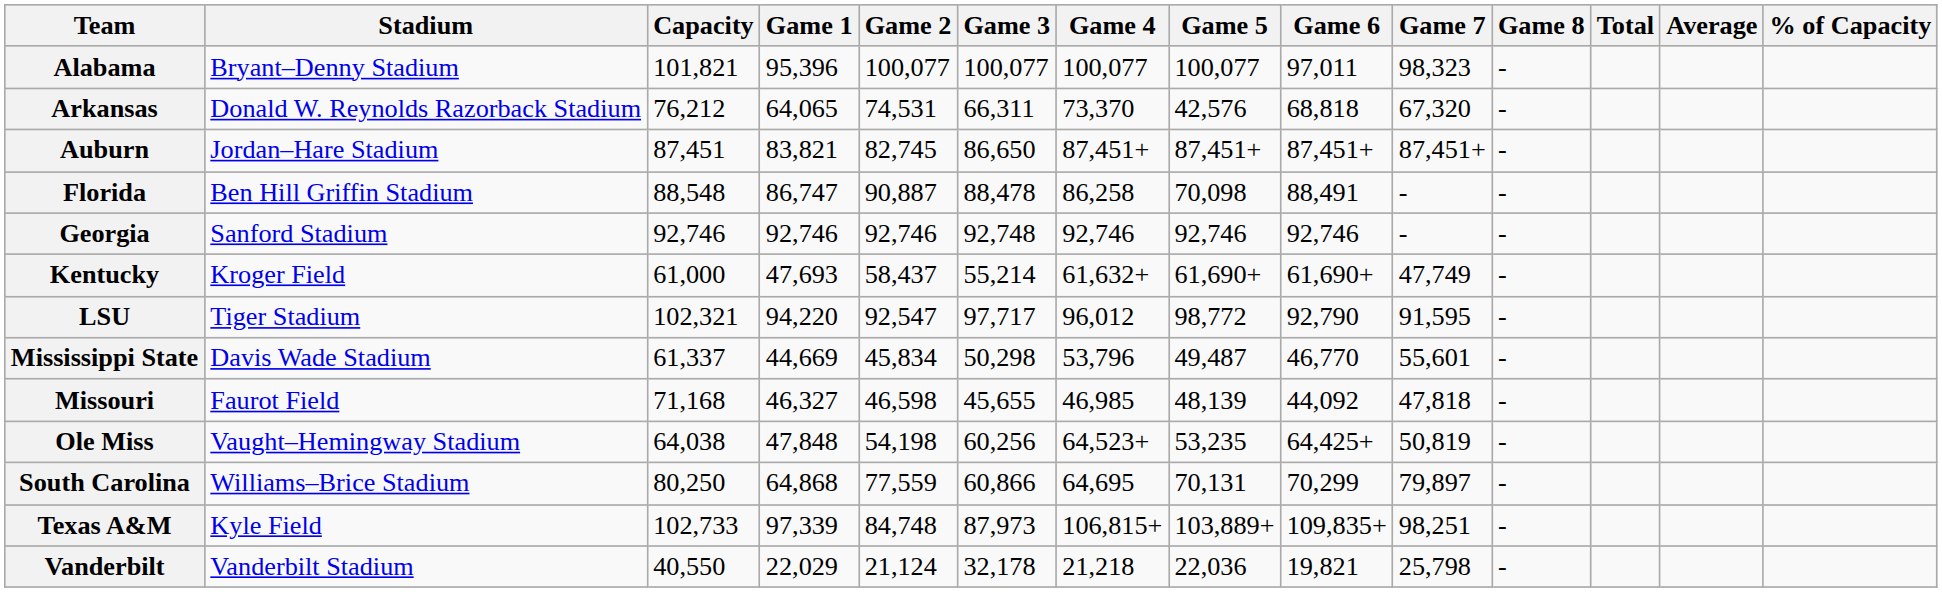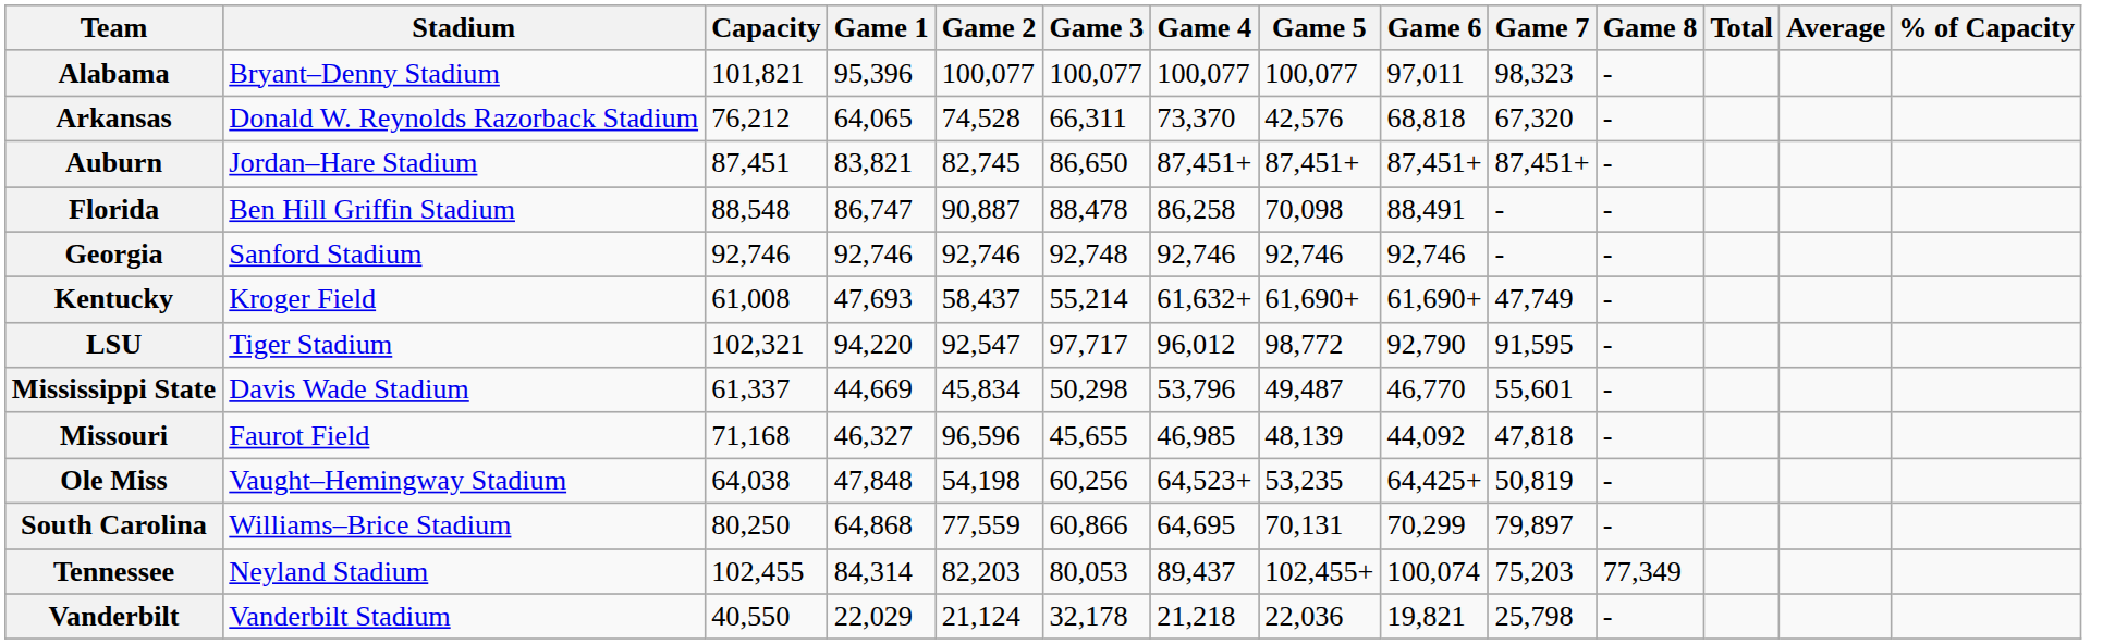 <table class="wikitable sortable">
 <tr>
 <th>Team</th>
 <th>Stadium</th>
 <th>Capacity</th>
 <th>Game 1</th>
 <th>Game 2</th>
 <th>Game 3</th>
 <th>Game 4</th>
 <th>Game 5</th>
 <th>Game 6</th>
 <th>Game 7</th>
 <th>Game 8</th>
 <th>Total</th>
 <th>Average</th>
 <th>% of Capacity</th>
 </tr>
 <tr>
 <th>Alabama</th>
 <td><a href='#'>Bryant–Denny Stadium</a></td>
 <td>101,821</td>
 <td>95,396</td>
 <td>100,077</td>
 <td>100,077</td>
 <td>100,077</td>
 <td>100,077</td>
 <td>97,011</td>
 <td>98,323</td>
 <td>-</td>
 <td></td>
 <td></td>
 <td></td>
 </tr>
 <tr>
 <th>Arkansas</th>
 <td><a href='#'>Donald W. Reynolds Razorback Stadium</a></td>
 <td>76,212</td>
 <td>64,065</td>
-<td>74,531</td>
+<td>74,528</td>
 <td>66,311</td>
 <td>73,370</td>
 <td>42,576 </td>
 <td>68,818</td>
 <td>67,320</td>
 <td>-</td>
 <td></td>
 <td></td>
 <td></td>
 </tr>
 <tr>
 <th>Auburn</th>
 <td><a href='#'>Jordan–Hare Stadium</a></td>
 <td>87,451</td>
 <td>83,821</td>
 <td>82,745</td>
 <td>86,650</td>
 <td>87,451+</td>
 <td>87,451+</td>
 <td>87,451+</td>
 <td>87,451+</td>
 <td>-</td>
 <td></td>
 <td></td>
 <td></td>
 </tr>
 <tr>
 <th>Florida</th>
 <td><a href='#'>Ben Hill Griffin Stadium</a></td>
 <td>88,548</td>
 <td>86,747</td>
 <td>90,887</td>
 <td>88,478</td>
 <td>86,258</td>
 <td>70,098</td>
 <td>88,491</td>
 <td>-</td>
 <td>-</td>
 <td></td>
 <td></td>
 <td></td>
 </tr>
 <tr>
 <th>Georgia</th>
 <td><a href='#'>Sanford Stadium</a></td>
 <td>92,746</td>
 <td>92,746</td>
 <td>92,746</td>
 <td>92,748</td>
 <td>92,746</td>
 <td>92,746</td>
 <td>92,746</td>
 <td>-</td>
 <td>-</td>
 <td></td>
 <td></td>
 <td></td>
 </tr>
 <tr>
 <th>Kentucky</th>
 <td><a href='#'>Kroger Field</a></td>
-<td>61,000</td>
+<td>61,008</td>
 <td>47,693</td>
 <td>58,437</td>
 <td>55,214</td>
 <td>61,632+</td>
 <td>61,690+</td>
 <td>61,690+</td>
 <td>47,749</td>
 <td>-</td>
 <td></td>
 <td></td>
 <td></td>
 </tr>
 <tr>
 <th>LSU</th>
 <td><a href='#'>Tiger Stadium</a></td>
 <td>102,321</td>
 <td>94,220</td>
 <td>92,547</td>
 <td>97,717</td>
 <td>96,012</td>
 <td>98,772</td>
 <td>92,790</td>
 <td>91,595</td>
 <td>-</td>
 <td></td>
 <td></td>
 <td></td>
 </tr>
 <tr>
 <th>Mississippi State</th>
 <td><a href='#'>Davis Wade Stadium</a></td>
 <td>61,337</td>
 <td>44,669</td>
 <td>45,834</td>
 <td>50,298</td>
 <td>53,796</td>
 <td>49,487</td>
 <td>46,770</td>
 <td>55,601</td>
 <td>-</td>
 <td></td>
 <td></td>
 <td></td>
 </tr>
 <tr>
 <th>Missouri</th>
 <td><a href='#'>Faurot Field</a></td>
 <td>71,168</td>
 <td>46,327</td>
-<td>46,598</td>
+<td>96,596</td>
 <td>45,655</td>
 <td>46,985</td>
 <td>48,139</td>
 <td>44,092</td>
 <td>47,818</td>
 <td>-</td>
 <td></td>
 <td></td>
 <td></td>
 </tr>
 <tr>
 <th>Ole Miss</th>
 <td><a href='#'>Vaught–Hemingway Stadium</a></td>
 <td>64,038</td>
 <td>47,848</td>
 <td>54,198</td>
 <td>60,256</td>
 <td>64,523+</td>
 <td>53,235</td>
 <td>64,425+</td>
 <td>50,819</td>
 <td>-</td>
 <td></td>
 <td></td>
 <td></td>
 </tr>
 <tr>
 <th>South Carolina</th>
 <td><a href='#'>Williams–Brice Stadium</a></td>
 <td>80,250</td>
 <td>64,868</td>
 <td>77,559</td>
 <td>60,866</td>
 <td>64,695</td>
 <td>70,131</td>
 <td>70,299</td>
 <td>79,897</td>
 <td>-</td>
 <td></td>
 <td></td>
 <td></td>
 </tr>
 <tr>
-<th>Texas A&M</th>
-<td><a href='#'>Kyle Field</a></td>
-<td>102,733</td>
-<td>97,339</td>
-<td>84,748</td>
-<td>87,973</td>
-<td>106,815+</td>
-<td>103,889+</td>
-<td>109,835+</td>
-<td>98,251</td>
-<td>-</td>
+<th>Tennessee</th>
+<td><a href='#'>Neyland Stadium</a></td>
+<td>102,455</td>
+<td>84,314</td>
+<td>82,203</td>
+<td>80,053</td>
+<td>89,437</td>
+<td>102,455+</td>
+<td>100,074</td>
+<td>75,203</td>
+<td>77,349</td>
 <td></td>
 <td></td>
 <td></td>
 </tr>
 <tr>
 <th>Vanderbilt</th>
 <td><a href='#'>Vanderbilt Stadium</a></td>
 <td>40,550</td>
 <td>22,029</td>
 <td>21,124</td>
 <td>32,178</td>
 <td>21,218</td>
 <td>22,036</td>
 <td>19,821</td>
 <td>25,798</td>
 <td>-</td>
 <td></td>
 <td></td>
 <td></td>
 </tr>
 </table>
